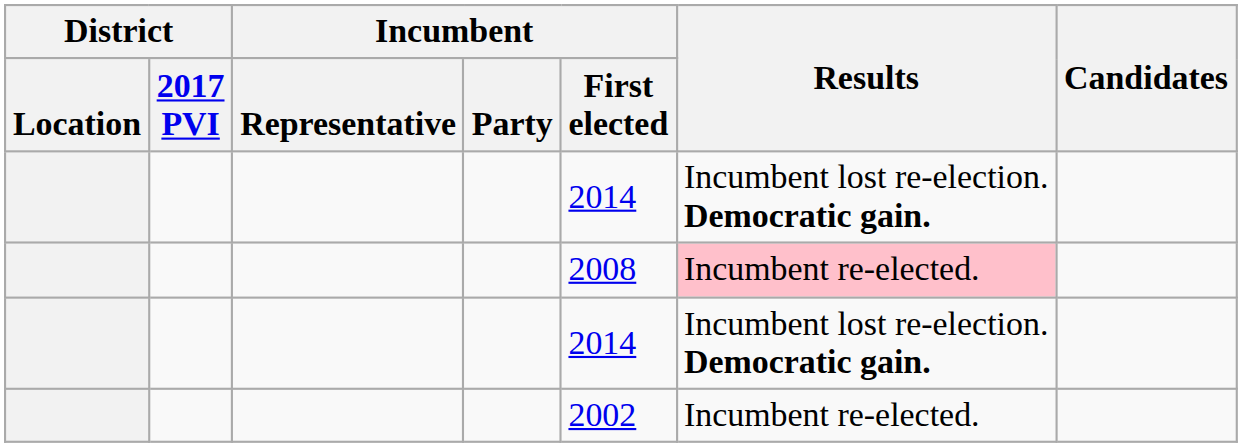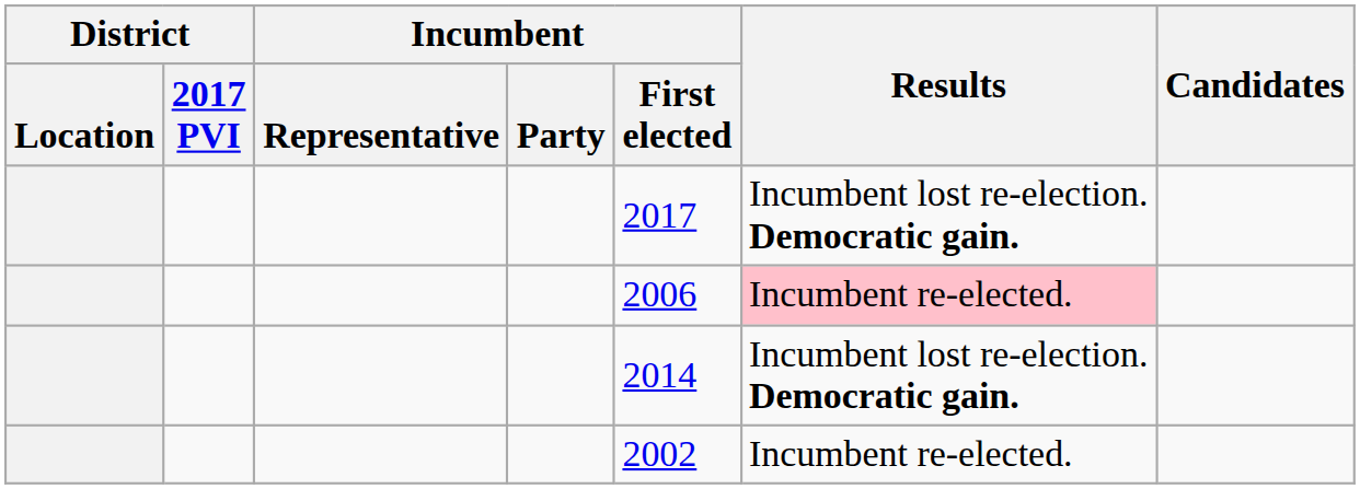 <table class="wikitable sortable">
 <tr>
 <th colspan=2>District</th>
 <th colspan=3>Incumbent</th>
 <th rowspan=2>Results</th>
 <th rowspan=2 class=unsortable>Candidates</th>
 </tr>
 <tr valign=bottom>
 <th>Location</th>
 <th><a href='#'>2017<br>PVI</a></th>
 <th>Representative</th>
 <th>Party</th>
 <th>First<br>elected</th>
 </tr>
 <tr>
 <th></th>
 <td></td>
 <td></td>
 <td></td>
-<td><a href='#'>2014</a></td>
+<td><a href='#'>2017</a></td>
 <td>Incumbent lost re-election.<br><strong>Democratic gain.</strong></td>
 <td nowrap></td>
 </tr>
 <tr>
 <th></th>
 <td></td>
 <td></td>
 <td></td>
-<td><a href='#'>2008</a></td>
+<td><a href='#'>2006</a></td>
 <td style="background: pink;">Incumbent re-elected.</td>
 <td nowrap></td>
 </tr>
 <tr>
 <th></th>
 <td></td>
 <td></td>
 <td></td>
 <td><a href='#'>2014</a></td>
 <td>Incumbent lost re-election.<br><strong>Democratic gain.</strong></td>
 <td nowrap><br></td>
 </tr>
 <tr>
 <th></th>
 <td></td>
 <td></td>
 <td></td>
 <td><a href='#'>2002</a></td>
 <td>Incumbent re-elected.</td>
 <td nowrap></td>
 </tr>
 </table>
